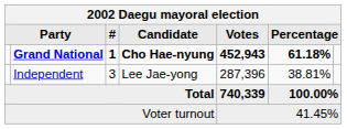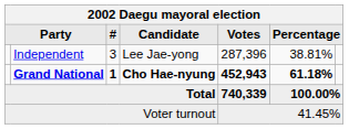 <table class="wikitable">
 <tr>
 <th colspan="7">2002 Daegu mayoral election</th>
 </tr>
 <tr>
 <th style="background-color:#E9E9E9" colspan=2>Party</th>
 <th style="background-color:#E9E9E9">#</th>
 <th style="background-color:#E9E9E9">Candidate</th>
 <th style="background-color:#E9E9E9">Votes</th>
 <th style="background-color:#E9E9E9" colspan=2>Percentage</th>
 </tr>
+<tr>
+<td></td>
+<td align=left><a href='#'>Independent</a></td>
+<td align=center>3</td>
+<td align=left>Lee Jae-yong</td>
+<td align=right>287,396</td>
+<td align=right>38.81%</td>
+<td align=right></td>
+</tr>
 <tr style="font-weight:bold">
 <td></td>
 <td align=left><a href='#'>Grand National</a></td>
 <td align=center>1</td>
 <td align=left>Cho Hae-nyung</td>
 <td align=right>452,943</td>
 <td align=right>61.18%</td>
-<td align=right></td>
-</tr>
-<tr>
-<td></td>
-<td align=left><a href='#'>Independent</a></td>
-<td align=center>3</td>
-<td align=left>Lee Jae-yong</td>
-<td align=right>287,396</td>
-<td align=right>38.81%</td>
 <td align=right></td>
 </tr>
 <tr bgcolor="#EEEEEE" style="font-weight:bold">
 <td colspan="4" align=right>Total</td>
 <td align=right>740,339</td>
 <td align=right colspan=2>100.00%</td>
 </tr>
 <tr bgcolor="#EEEEEE">
 <td colspan="4" align="right">Voter turnout</td>
 <td colspan="3" align="right">41.45%</td>
 </tr>
 </table>
